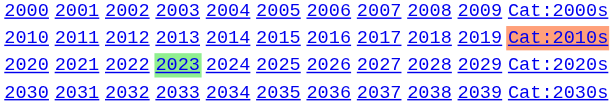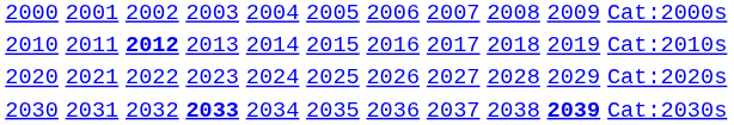 <table border=0>
 <tr>
 <td><a href='#'>2000</a></td>
 <td><a href='#'>2001</a></td>
 <td><a href='#'>2002</a></td>
 <td><a href='#'>2003</a></td>
 <td><a href='#'>2004</a></td>
 <td><a href='#'>2005</a></td>
 <td><a href='#'>2006</a></td>
 <td><a href='#'>2007</a></td>
 <td><a href='#'>2008</a></td>
 <td><a href='#'>2009</a></td>
 <td><a href='#'>Cat:2000s</a></td>
 </tr>
 <tr>
 <td><a href='#'>2010</a></td>
 <td><a href='#'>2011</a></td>
-<td><a href='#'>2012</a></td>
+<td><strong><a href='#'>2012</a></strong></td>
 <td><a href='#'>2013</a></td>
 <td><a href='#'>2014</a></td>
 <td><a href='#'>2015</a></td>
 <td><a href='#'>2016</a></td>
 <td><a href='#'>2017</a></td>
 <td><a href='#'>2018</a></td>
 <td><a href='#'>2019</a></td>
-<td style="background: lightsalmon;"><a href='#'>Cat:2010s</a></td>
+<td><a href='#'>Cat:2010s</a></td>
 </tr>
 <tr>
 <td><a href='#'>2020</a></td>
 <td><a href='#'>2021</a></td>
 <td><a href='#'>2022</a></td>
-<td style="background: lightgreen;"><a href='#'>2023</a></td>
+<td><a href='#'>2023</a></td>
 <td><a href='#'>2024</a></td>
 <td><a href='#'>2025</a></td>
 <td><a href='#'>2026</a></td>
 <td><a href='#'>2027</a></td>
 <td><a href='#'>2028</a></td>
 <td><a href='#'>2029</a></td>
 <td><a href='#'>Cat:2020s</a></td>
 </tr>
 <tr>
 <td><a href='#'>2030</a></td>
 <td><a href='#'>2031</a></td>
 <td><a href='#'>2032</a></td>
-<td><a href='#'>2033</a></td>
+<td><strong><a href='#'>2033</a></strong></td>
 <td><a href='#'>2034</a></td>
 <td><a href='#'>2035</a></td>
 <td><a href='#'>2036</a></td>
 <td><a href='#'>2037</a></td>
 <td><a href='#'>2038</a></td>
-<td><a href='#'>2039</a></td>
+<td><strong><a href='#'>2039</a></strong></td>
 <td><a href='#'>Cat:2030s</a></td>
 </tr>
 </table>
